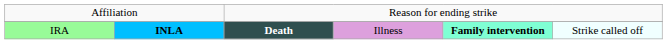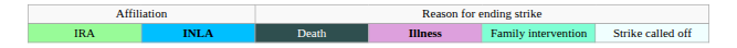 <table class="wikitable" style="margin-left: auto; margin-right: auto; border: none;">
 <tr>
 </tr>
 <tr align="center">
 </tr>
 <tr>
 </tr>
 <tr align="center">
 <td colspan="2">Affiliation</td>
 <td colspan="4">Reason for ending strike</td>
 </tr>
 <tr>
 </tr>
 <tr align="center">
 <td style="background-color: #98FB98; color: black;" width="15%">IRA</td>
 <td style="background-color: #00BFFF" width="15%"><strong>INLA</strong></td>
-<td style="background-color: #2F4F4F; color: white;" width="15%"><strong>Death</strong></td>
-<td style="background-color: #DDA0DD; color: black;" width="15%">Illness</td>
-<td style="background-color: #7FFFD4; color: black;" width="15%"><strong>Family intervention</strong></td>
+<td style="background-color: #2F4F4F; color: white;" width="15%">Death</td>
+<td style="background-color: #DDA0DD; color: black;" width="15%"><strong>Illness</strong></td>
+<td style="background-color: #7FFFD4; color: black;" width="15%">Family intervention</td>
 <td style="background-color: #F0FFFF; color: black;" width="15%">Strike called off</td>
 </tr>
 </table>
